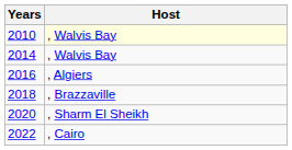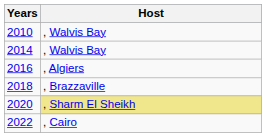 <table class="wikitable" valign="top">
 <tr bgcolor="lightsteelblue">
 <th align=center>Years</th>
 <th align=center width=300px>Host</th>
 </tr>
 <tr>
 <td><a href='#'>2010</a></td>
-<td style="background: lightyellow;">, <a href='#'>Walvis Bay</a></td>
+<td>, <a href='#'>Walvis Bay</a></td>
 </tr>
 <tr>
 <td><a href='#'>2014</a></td>
 <td>, <a href='#'>Walvis Bay</a></td>
 </tr>
 <tr>
 <td><a href='#'>2016</a></td>
 <td>, <a href='#'>Algiers</a></td>
 </tr>
 <tr>
 <td><a href='#'>2018</a></td>
 <td>, <a href='#'>Brazzaville</a></td>
 </tr>
 <tr>
 <td><a href='#'>2020</a></td>
-<td>, <a href='#'>Sharm El Sheikh</a></td>
+<td style="background: khaki;">, <a href='#'>Sharm El Sheikh</a></td>
 </tr>
 <tr>
 <td><a href='#'>2022</a></td>
 <td>, <a href='#'>Cairo</a></td>
 </tr>
 </table>
